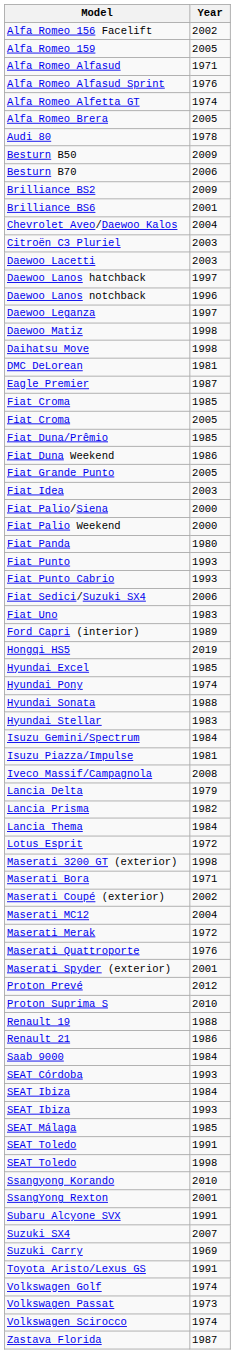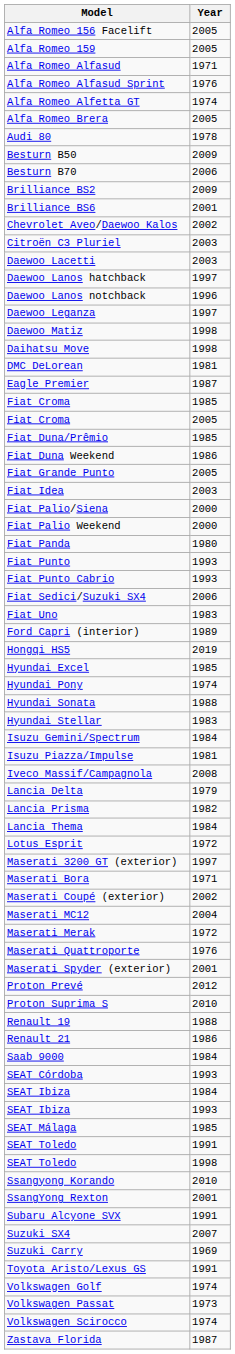 <table class="wikitable sortable" style="font-size:90%;">
 <tr>
 <th width=200px>Model</th>
 <th width=40px>Year</th>
 </tr>
 <tr>
 <td><a href='#'>Alfa Romeo 156</a> Facelift</td>
-<td>2002</td>
+<td>2005</td>
 </tr>
 <tr>
 <td><a href='#'>Alfa Romeo 159</a></td>
 <td>2005</td>
 </tr>
 <tr>
 <td><a href='#'>Alfa Romeo Alfasud</a></td>
 <td>1971</td>
 </tr>
 <tr>
 <td><a href='#'>Alfa Romeo Alfasud Sprint</a></td>
 <td>1976</td>
 </tr>
 <tr>
 <td><a href='#'>Alfa Romeo Alfetta GT</a></td>
 <td>1974</td>
 </tr>
 <tr>
 <td><a href='#'>Alfa Romeo Brera</a></td>
 <td>2005</td>
 </tr>
 <tr>
 <td><a href='#'>Audi 80</a></td>
 <td>1978</td>
 </tr>
 <tr>
 <td><a href='#'>Besturn</a> B50</td>
 <td>2009</td>
 </tr>
 <tr>
 <td><a href='#'>Besturn</a> B70</td>
 <td>2006</td>
 </tr>
 <tr>
 <td><a href='#'>Brilliance BS2</a></td>
 <td>2009</td>
 </tr>
 <tr>
 <td><a href='#'>Brilliance BS6</a></td>
 <td>2001</td>
 </tr>
 <tr>
 <td><a href='#'>Chevrolet Aveo</a>/<a href='#'>Daewoo Kalos</a></td>
-<td>2004</td>
+<td>2002</td>
 </tr>
 <tr>
 <td><a href='#'>Citroën C3 Pluriel</a></td>
 <td>2003</td>
 </tr>
 <tr>
 <td><a href='#'>Daewoo Lacetti</a></td>
 <td>2003</td>
 </tr>
 <tr>
 <td><a href='#'>Daewoo Lanos</a> hatchback</td>
 <td>1997</td>
 </tr>
 <tr>
 <td><a href='#'>Daewoo Lanos</a> notchback</td>
 <td>1996</td>
 </tr>
 <tr>
 <td><a href='#'>Daewoo Leganza</a></td>
 <td>1997</td>
 </tr>
 <tr>
 <td><a href='#'>Daewoo Matiz</a></td>
 <td>1998</td>
 </tr>
 <tr>
 <td><a href='#'>Daihatsu Move</a></td>
 <td>1998</td>
 </tr>
 <tr>
 <td><a href='#'>DMC DeLorean</a></td>
 <td>1981</td>
 </tr>
 <tr>
 <td><a href='#'>Eagle Premier</a></td>
 <td>1987</td>
 </tr>
 <tr>
 <td><a href='#'>Fiat Croma</a></td>
 <td>1985</td>
 </tr>
 <tr>
 <td><a href='#'>Fiat Croma</a></td>
 <td>2005</td>
 </tr>
 <tr>
 <td><a href='#'>Fiat Duna/Prêmio</a></td>
 <td>1985</td>
 </tr>
 <tr>
 <td><a href='#'>Fiat Duna</a> Weekend</td>
 <td>1986</td>
 </tr>
 <tr>
 <td><a href='#'>Fiat Grande Punto</a></td>
 <td>2005</td>
 </tr>
 <tr>
 <td><a href='#'>Fiat Idea</a></td>
 <td>2003</td>
 </tr>
 <tr>
 <td><a href='#'>Fiat Palio</a>/<a href='#'>Siena</a></td>
 <td>2000</td>
 </tr>
 <tr>
 <td><a href='#'>Fiat Palio</a> Weekend</td>
 <td>2000</td>
 </tr>
 <tr>
 <td><a href='#'>Fiat Panda</a></td>
 <td>1980</td>
 </tr>
 <tr>
 <td><a href='#'>Fiat Punto</a></td>
 <td>1993</td>
 </tr>
 <tr>
 <td><a href='#'>Fiat Punto Cabrio</a></td>
 <td>1993</td>
 </tr>
 <tr>
 <td><a href='#'>Fiat Sedici</a>/<a href='#'>Suzuki SX4</a></td>
 <td>2006</td>
 </tr>
 <tr>
 <td><a href='#'>Fiat Uno</a></td>
 <td>1983</td>
 </tr>
 <tr>
 <td><a href='#'>Ford Capri</a> (interior)</td>
 <td>1989</td>
 </tr>
 <tr>
 <td><a href='#'>Hongqi HS5</a></td>
 <td>2019</td>
 </tr>
 <tr>
 <td><a href='#'>Hyundai Excel</a></td>
 <td>1985</td>
 </tr>
 <tr>
 <td><a href='#'>Hyundai Pony</a></td>
 <td>1974</td>
 </tr>
 <tr>
 <td><a href='#'>Hyundai Sonata</a></td>
 <td>1988</td>
 </tr>
 <tr>
 <td><a href='#'>Hyundai Stellar</a></td>
 <td>1983</td>
 </tr>
 <tr>
 <td><a href='#'>Isuzu Gemini/Spectrum</a></td>
 <td>1984</td>
 </tr>
 <tr>
 <td><a href='#'>Isuzu Piazza/Impulse</a></td>
 <td>1981</td>
 </tr>
 <tr>
 <td><a href='#'>Iveco Massif/Campagnola</a></td>
 <td>2008</td>
 </tr>
 <tr>
 <td><a href='#'>Lancia Delta</a></td>
 <td>1979</td>
 </tr>
 <tr>
 <td><a href='#'>Lancia Prisma</a></td>
 <td>1982</td>
 </tr>
 <tr>
 <td><a href='#'>Lancia Thema</a></td>
 <td>1984</td>
 </tr>
 <tr>
 <td><a href='#'>Lotus Esprit</a></td>
 <td>1972</td>
 </tr>
 <tr>
 <td><a href='#'>Maserati 3200 GT</a> (exterior)</td>
-<td>1998</td>
+<td>1997</td>
 </tr>
 <tr>
 <td><a href='#'>Maserati Bora</a></td>
 <td>1971</td>
 </tr>
 <tr>
 <td><a href='#'>Maserati Coupé</a> (exterior)</td>
 <td>2002</td>
 </tr>
 <tr>
 <td><a href='#'>Maserati MC12</a></td>
 <td>2004</td>
 </tr>
 <tr>
 <td><a href='#'>Maserati Merak</a></td>
 <td>1972</td>
 </tr>
 <tr>
 <td><a href='#'>Maserati Quattroporte</a></td>
 <td>1976</td>
 </tr>
 <tr>
 <td><a href='#'>Maserati Spyder</a> (exterior)</td>
 <td>2001</td>
 </tr>
 <tr>
 <td><a href='#'>Proton Prevé</a></td>
 <td>2012</td>
 </tr>
 <tr>
 <td><a href='#'>Proton Suprima S</a></td>
 <td>2010</td>
 </tr>
 <tr>
 <td><a href='#'>Renault 19</a></td>
 <td>1988</td>
 </tr>
 <tr>
 <td><a href='#'>Renault 21</a></td>
 <td>1986</td>
 </tr>
 <tr>
 <td><a href='#'>Saab 9000</a></td>
 <td>1984</td>
 </tr>
 <tr>
 <td><a href='#'>SEAT Córdoba</a></td>
 <td>1993</td>
 </tr>
 <tr>
 <td><a href='#'>SEAT Ibiza</a></td>
 <td>1984</td>
 </tr>
 <tr>
 <td><a href='#'>SEAT Ibiza</a></td>
 <td>1993</td>
 </tr>
 <tr>
 <td><a href='#'>SEAT Málaga</a></td>
 <td>1985</td>
 </tr>
 <tr>
 <td><a href='#'>SEAT Toledo</a></td>
 <td>1991</td>
 </tr>
 <tr>
 <td><a href='#'>SEAT Toledo</a></td>
 <td>1998</td>
 </tr>
 <tr>
 <td><a href='#'>Ssangyong Korando</a></td>
 <td>2010</td>
 </tr>
 <tr>
 <td><a href='#'>SsangYong Rexton</a></td>
 <td>2001</td>
 </tr>
 <tr>
 <td><a href='#'>Subaru Alcyone SVX</a></td>
 <td>1991</td>
 </tr>
 <tr>
 <td><a href='#'>Suzuki SX4</a></td>
 <td>2007</td>
 </tr>
 <tr>
 <td><a href='#'>Suzuki Carry</a></td>
 <td>1969</td>
 </tr>
 <tr>
 <td><a href='#'>Toyota Aristo/Lexus GS</a></td>
 <td>1991</td>
 </tr>
 <tr>
 <td><a href='#'>Volkswagen Golf</a></td>
 <td>1974</td>
 </tr>
 <tr>
 <td><a href='#'>Volkswagen Passat</a></td>
 <td>1973</td>
 </tr>
 <tr>
 <td><a href='#'>Volkswagen Scirocco</a></td>
 <td>1974</td>
 </tr>
 <tr>
 <td><a href='#'>Zastava Florida</a></td>
 <td>1987</td>
 </tr>
 </table>
